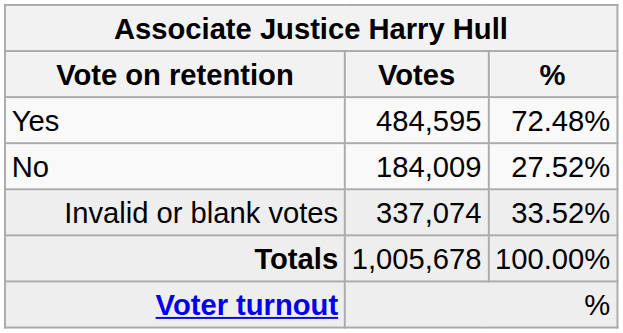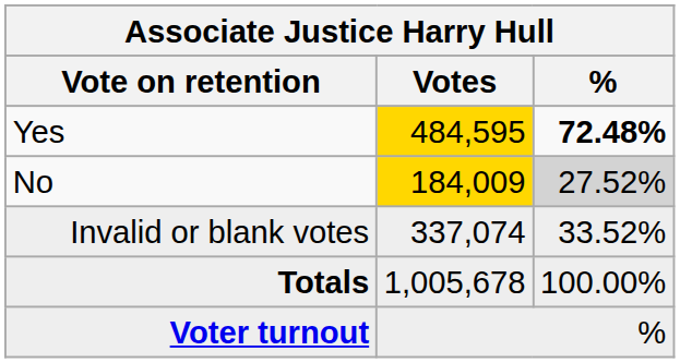 <table class="wikitable" style="font-size: 95%;">
 <tr style="background-color:#E9E9E9">
 <th colspan=7>Associate Justice Harry Hull</th>
 </tr>
 <tr style="background-color:#E9E9E9">
 <th style="width: 170px">Vote on retention</th>
 <th style="width: 50px">Votes</th>
 <th style="width: 40px">%</th>
 </tr>
 <tr>
 <td>Yes</td>
-<td align="right">484,595</td>
-<td align="right">72.48%</td>
+<td align="right" style="background: gold;">484,595</td>
+<td align="right"><strong>72.48%</strong></td>
 </tr>
 <tr>
 <td>No</td>
-<td align="right">184,009</td>
-<td align="right">27.52%</td>
+<td align="right" style="background: gold;">184,009</td>
+<td align="right" style="background: lightgrey;">27.52%</td>
 </tr>
 <tr style="background-color:#EEEEEE">
 <td align="right">Invalid or blank votes</td>
 <td align="right">337,074</td>
 <td align="right">33.52%</td>
 </tr>
 <tr style="background-color:#EEEEEE">
 <td colspan="1" align="right"><strong>Totals</strong></td>
 <td align="right">1,005,678</td>
 <td align="right">100.00%</td>
 </tr>
 <tr style="background-color:#EEEEEE">
 <td align="right"><strong><a href='#'>Voter turnout</a></strong></td>
 <td colspan="2" align="right">%</td>
 </tr>
 </table>
